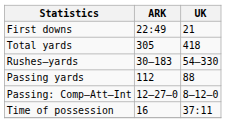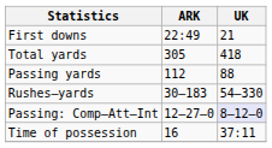 <table class="wikitable" style="float: left;">
 <tr>
 <th>Statistics</th>
 <th>ARK</th>
 <th>UK</th>
 </tr>
 <tr>
 <td>First downs</td>
 <td>22:49</td>
 <td>21</td>
 </tr>
 <tr>
 <td>Total yards</td>
 <td>305</td>
 <td>418</td>
 </tr>
 <tr>
+<td>Passing yards</td>
+<td>112</td>
+<td>88</td>
+</tr>
+<tr>
 <td>Rushes–yards</td>
 <td>30–183</td>
 <td>54–330</td>
 </tr>
 <tr>
-<td>Passing yards</td>
-<td>112</td>
-<td>88</td>
-</tr>
-<tr>
 <td>Passing: Comp–Att–Int</td>
 <td>12–27–0</td>
-<td>8–12–0</td>
+<td style="background: lavender;">8–12–0</td>
 </tr>
 <tr>
 <td>Time of possession</td>
 <td>16</td>
 <td>37:11</td>
 </tr>
 <tr>
 </tr>
 </table>
